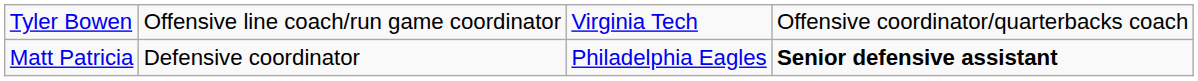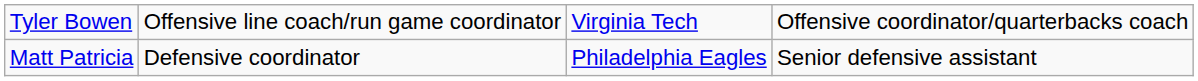 <table class="wikitable">
 <tr>
 <td><a href='#'>Tyler Bowen</a></td>
 <td>Offensive line coach/run game coordinator</td>
 <td><a href='#'>Virginia Tech</a></td>
 <td>Offensive coordinator/quarterbacks coach</td>
 </tr>
 <tr>
 <td><a href='#'>Matt Patricia</a></td>
 <td>Defensive coordinator</td>
 <td><a href='#'>Philadelphia Eagles</a></td>
-<td><strong>Senior defensive assistant</strong></td>
+<td>Senior defensive assistant</td>
 </tr>
 </table>
